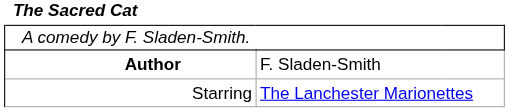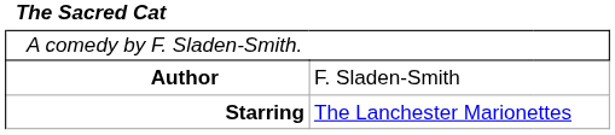 <table class="wikitable mw-collapsible mw-collapsed" style="vertical-align:top;margin:auto 2em;line-height:1.2;max-width:33em;background-color:inherit;border:none;">
 <tr>
 <td class=unsortable style="border:hidden;line-height:1.67;margin-left:-1em;text-align:center;padding-left:0.5em;min-width:1.0em;"></td>
 <td class=unsortable style="border-style:none;padding-left:0.5em;text-align:left;min-width:14.0em;font-weight:700;font-style:italic;">The Sacred Cat</td>
 <td class=unsortable style="border:none;text-align:right;font-weight:normal; font-size:95%; min-width:11.0em;padding-right:0.2em;"></td>
 <td class=unsortable style="border:none;min-width:3.5em;padding-left:0;"></td>
 <td class=unsortable style="border:hidden;min-width:3.5em;font-size:95%;"></td>
 </tr>
 <tr>
 <td rowspan=100 style="border:none thin;border-right-style :solid;"></td>
 <td colspan=3 style="text-align:left;padding:0.1em 1em;font-style:italic;border: solid thin;">A comedy by F. Sladen-Smith.</td>
 </tr>
 <tr>
 <td style="text-align:left;padding-left:7.0em;font-weight:bold;">Author</td>
 <td colspan=2>F. Sladen-Smith</td>
 </tr>
 <tr>
-<td style="text-align:right;">Starring</td>
+<td style="text-align:right;"><strong>Starring</strong></td>
 <td colspan=2><a href='#'>The Lanchester Marionettes</a></td>
 </tr>
 </table>
